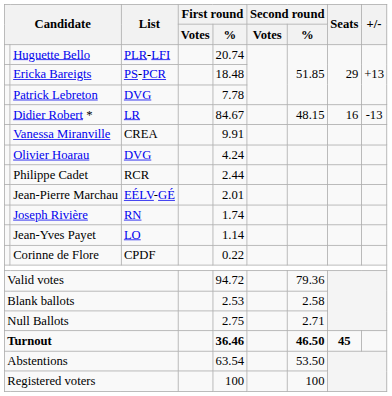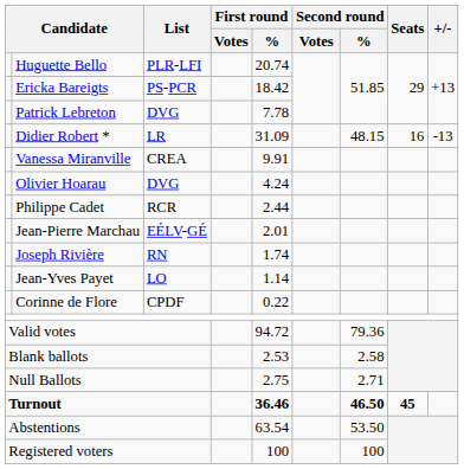 <table class="wikitable centre" style="text-align:right;">
 <tr>
 <th rowspan=2 colspan=2 scope=col>Candidate</th>
 <th rowspan=2 scope=col>List</th>
 <th colspan=2 scope=col>First round</th>
 <th colspan=2 scope=col>Second round</th>
 <th rowspan=2 scope=col>Seats</th>
 <th rowspan=2 scope=col>+/-</th>
 </tr>
 <tr>
 <th scope=col>Votes</th>
 <th scope=col>%</th>
 <th scope=col>Votes</th>
 <th scope=col>%</th>
 </tr>
 <tr>
 <td style="color:inherit;background:"></td>
 <td align="left"><a href='#'>Huguette Bello</a></td>
 <td align="left"><a href='#'>PLR</a>-<a href='#'>LFI</a></td>
 <td></td>
 <td>20.74</td>
 <td rowspan="3"></td>
 <td rowspan="3">51.85</td>
 <td rowspan="3">29</td>
 <td rowspan="3" align="center">+13</td>
 </tr>
 <tr>
 <td style="color:inherit;background:"></td>
 <td align="left"><a href='#'>Ericka Bareigts</a></td>
 <td align="left"><a href='#'>PS</a>-<a href='#'>PCR</a></td>
 <td></td>
-<td>18.48</td>
+<td>18.42</td>
 </tr>
 <tr>
 <td style="color:inherit;background:"></td>
 <td align="left"><a href='#'>Patrick Lebreton</a></td>
 <td align="left"><a href='#'>DVG</a></td>
 <td></td>
 <td>7.78</td>
 </tr>
 <tr>
 <td style="color:inherit;background:"></td>
 <td align="left"><a href='#'>Didier Robert</a> *</td>
 <td align="left"><a href='#'>LR</a></td>
 <td></td>
-<td>84.67</td>
+<td>31.09</td>
 <td></td>
 <td>48.15</td>
 <td>16</td>
 <td align="center">-13</td>
 </tr>
 <tr>
 <td style="color:inherit;background:"></td>
 <td align="left"><a href='#'>Vanessa Miranville</a></td>
 <td align="left">CREA</td>
 <td></td>
 <td>9.91</td>
 <td></td>
 <td></td>
 <td></td>
 <td align="center"></td>
 </tr>
 <tr>
 <td style="color:inherit;background:"></td>
 <td align="left"><a href='#'>Olivier Hoarau</a></td>
 <td align="left"><a href='#'>DVG</a></td>
 <td></td>
 <td>4.24</td>
 <td></td>
 <td></td>
 <td></td>
 <td align="center"></td>
 </tr>
 <tr>
 <td style="color:inherit;background:"></td>
 <td align="left">Philippe Cadet</td>
 <td align="left">RCR</td>
 <td></td>
 <td>2.44</td>
 <td></td>
 <td></td>
 <td></td>
 <td align="center"></td>
 </tr>
 <tr>
 <td style="color:inherit;background:"></td>
 <td align="left">Jean-Pierre Marchau</td>
 <td align="left"><a href='#'>EÉLV</a>-<a href='#'>GÉ</a></td>
 <td></td>
 <td>2.01</td>
 <td></td>
 <td></td>
 <td></td>
 <td align="center"></td>
 </tr>
 <tr>
 <td style="color:inherit;background:"></td>
 <td align="left"><a href='#'>Joseph Rivière</a></td>
 <td align="left"><a href='#'>RN</a></td>
 <td></td>
 <td>1.74</td>
 <td></td>
 <td></td>
 <td></td>
 <td align="center"></td>
 </tr>
 <tr>
 <td style="color:inherit;background:"></td>
 <td align="left">Jean-Yves Payet</td>
 <td align="left"><a href='#'>LO</a></td>
 <td></td>
 <td>1.14</td>
 <td></td>
 <td></td>
 <td></td>
 <td align="center"></td>
 </tr>
 <tr>
 <td style="color:inherit;background:"></td>
 <td align="left">Corinne de Flore</td>
 <td align="left">CPDF</td>
 <td></td>
 <td>0.22</td>
 <td></td>
 <td></td>
 <td></td>
 <td align="center"></td>
 </tr>
 <tr style="background:white;">
 <td colspan=9></td>
 </tr>
 <tr>
 <td colspan=3 style="text-align:left;">Valid votes</td>
 <td></td>
 <td>94.72</td>
 <td></td>
 <td>79.36</td>
 <td colspan="2" rowspan="3" bgcolor=#F4F4F4></td>
 </tr>
 <tr>
 <td colspan=3 style="text-align:left;">Blank ballots</td>
 <td></td>
 <td>2.53</td>
 <td></td>
 <td>2.58</td>
 </tr>
 <tr>
 <td colspan=3 style="text-align:left;">Null Ballots</td>
 <td></td>
 <td>2.75</td>
 <td></td>
 <td>2.71</td>
 </tr>
 <tr style="font-weight:bold;">
 <td colspan=3 style="text-align:left;">Turnout</td>
 <td></td>
 <td>36.46</td>
 <td></td>
 <td>46.50</td>
 <td align=center>45</td>
 <td align=center></td>
 </tr>
 <tr>
 <td colspan=3 style="text-align:left;">Abstentions</td>
 <td></td>
 <td>63.54</td>
 <td></td>
 <td>53.50</td>
 <td colspan="2" rowspan="2" bgcolor=#F4F4F4></td>
 </tr>
 <tr>
 <td colspan=3 style="text-align:left;">Registered voters</td>
 <td></td>
 <td>100</td>
 <td></td>
 <td>100</td>
 </tr>
 </table>
